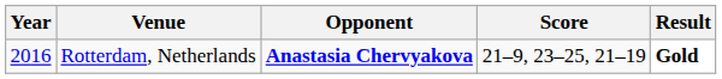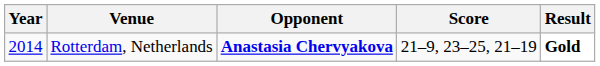 <table class="sortable wikitable" style="font-size:90%">
 <tr>
 <th>Year</th>
 <th>Venue</th>
 <th>Opponent</th>
 <th>Score</th>
 <th>Result</th>
 </tr>
 <tr style="background:">
-<td align="center"><a href='#'>2016</a></td>
+<td align="center"><a href='#'>2014</a></td>
 <td align="left"><a href='#'>Rotterdam</a>, Netherlands</td>
 <td align="left"><strong> <a href='#'>Anastasia Chervyakova</a></strong></td>
 <td align="left">21–9, 23–25, 21–19</td>
 <td style="text-align:left; background:white"> <strong>Gold</strong></td>
 </tr>
 </table>
